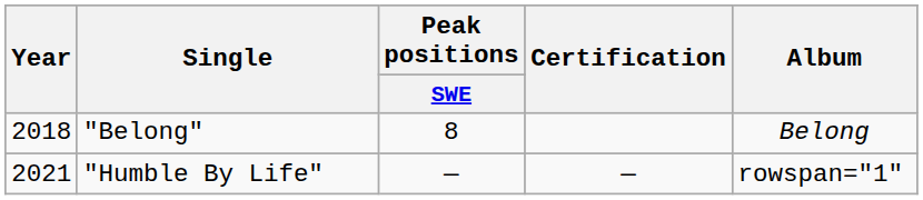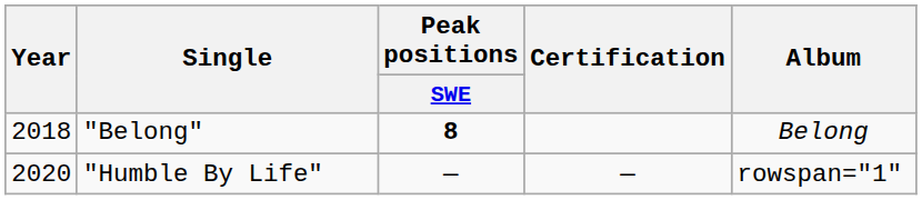 <table class="wikitable">
 <tr>
 <th rowspan="2" style="text-align:center; width:10px;">Year</th>
 <th rowspan="2" style="text-align:center; width:150px;">Single</th>
 <th style="text-align:center; width:20px;">Peak positions</th>
 <th rowspan="2" style="text-align:center; width:70px;">Certification</th>
 <th rowspan="2" style="text-align:center; width:90px;">Album</th>
 </tr>
 <tr>
 <th scope="col" style="width:3em;font-size:90%;"><a href='#'>SWE</a><br></th>
 </tr>
 <tr>
 <td style="text-align:center;">2018</td>
 <td>"Belong"</td>
-<td style="text-align:center;">8</td>
+<td style="text-align:center;"><strong>8</strong></td>
 <td style="text-align:center;"></td>
 <td style="text-align:center;"><em>Belong</em></td>
 </tr>
 <tr>
-<td style="text-align:center;">2021</td>
+<td style="text-align:center;">2020</td>
 <td>"Humble By Life"</td>
 <td style="text-align:center;">—</td>
 <td style="text-align:center;">—</td>
 <td>rowspan="1" </td>
 </tr>
 </table>
